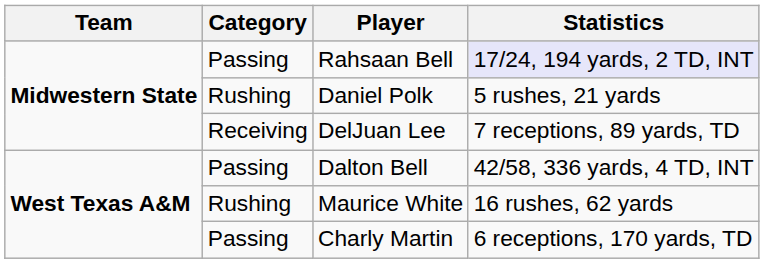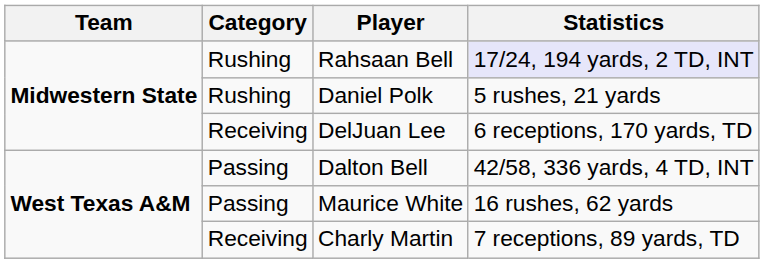 <table class="wikitable" style="float: right;">
 <tr>
 <th>Team</th>
 <th>Category</th>
 <th>Player</th>
 <th>Statistics</th>
 </tr>
 <tr>
 <td rowspan=3><strong>Midwestern State</strong></td>
-<td>Passing</td>
+<td>Rushing</td>
 <td>Rahsaan Bell</td>
 <td style="background: lavender;">17/24, 194 yards, 2 TD, INT</td>
 </tr>
 <tr>
 <td>Rushing</td>
 <td>Daniel Polk</td>
 <td>5 rushes, 21 yards</td>
 </tr>
 <tr>
 <td>Receiving</td>
 <td>DelJuan Lee</td>
-<td>7 receptions, 89 yards, TD</td>
+<td>6 receptions, 170 yards, TD</td>
 </tr>
 <tr>
 <td rowspan=3><strong>West Texas A&M</strong></td>
 <td>Passing</td>
 <td>Dalton Bell</td>
 <td>42/58, 336 yards, 4 TD, INT</td>
 </tr>
 <tr>
-<td>Rushing</td>
+<td>Passing</td>
 <td>Maurice White</td>
 <td>16 rushes, 62 yards</td>
 </tr>
 <tr>
-<td>Passing</td>
+<td>Receiving</td>
 <td>Charly Martin</td>
-<td>6 receptions, 170 yards, TD</td>
+<td>7 receptions, 89 yards, TD</td>
 </tr>
 </table>
